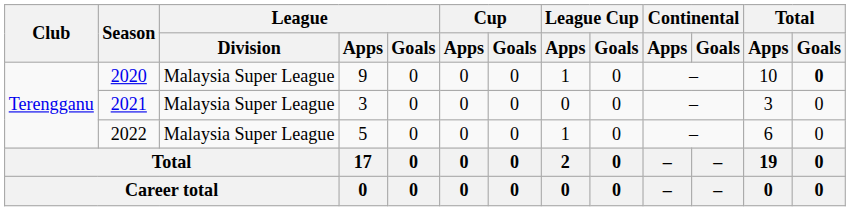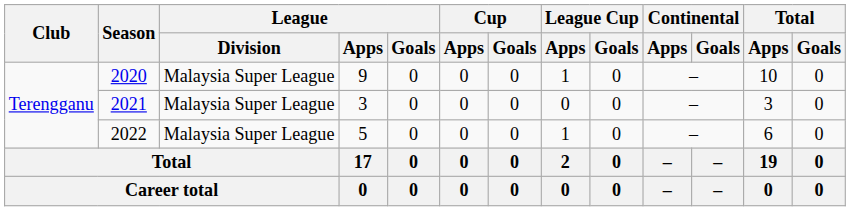 <table class=wikitable style="text-align:center">
 <tr>
 <th rowspan=2>Club</th>
 <th rowspan=2>Season</th>
 <th colspan=3>League</th>
 <th colspan=2>Cup</th>
 <th colspan=2>League Cup</th>
 <th colspan=2>Continental</th>
 <th colspan=2>Total</th>
 </tr>
 <tr>
 <th>Division</th>
 <th>Apps</th>
 <th>Goals</th>
 <th>Apps</th>
 <th>Goals</th>
 <th>Apps</th>
 <th>Goals</th>
 <th>Apps</th>
 <th>Goals</th>
 <th>Apps</th>
 <th>Goals</th>
 </tr>
 <tr>
 <td rowspan=3><a href='#'>Terengganu</a></td>
 <td><a href='#'>2020</a></td>
 <td>Malaysia Super League</td>
 <td>9</td>
 <td>0</td>
 <td>0</td>
 <td>0</td>
 <td>1</td>
 <td>0</td>
 <td colspan=2>–</td>
 <td>10</td>
-<td><strong>0</strong></td>
+<td>0</td>
 </tr>
 <tr>
 <td><a href='#'>2021</a></td>
 <td>Malaysia Super League</td>
 <td>3</td>
 <td>0</td>
 <td>0</td>
 <td>0</td>
 <td>0</td>
 <td>0</td>
 <td colspan=2>–</td>
 <td>3</td>
 <td>0</td>
 </tr>
 <tr>
 <td>2022</td>
 <td>Malaysia Super League</td>
 <td>5</td>
 <td>0</td>
 <td>0</td>
 <td>0</td>
 <td>1</td>
 <td>0</td>
 <td colspan=2>–</td>
 <td>6</td>
 <td>0</td>
 </tr>
 <tr>
 <th colspan="3">Total</th>
 <th>17</th>
 <th>0</th>
 <th>0</th>
 <th>0</th>
 <th>2</th>
 <th>0</th>
 <th>–</th>
 <th>–</th>
 <th>19</th>
 <th>0</th>
 </tr>
 <tr>
 <th colspan="3">Career total</th>
 <th>0</th>
 <th>0</th>
 <th>0</th>
 <th>0</th>
 <th>0</th>
 <th>0</th>
 <th>–</th>
 <th>–</th>
 <th>0</th>
 <th>0</th>
 </tr>
 </table>
